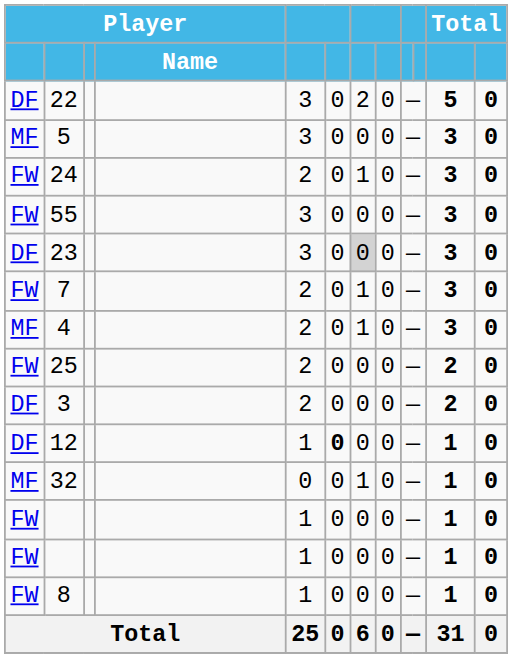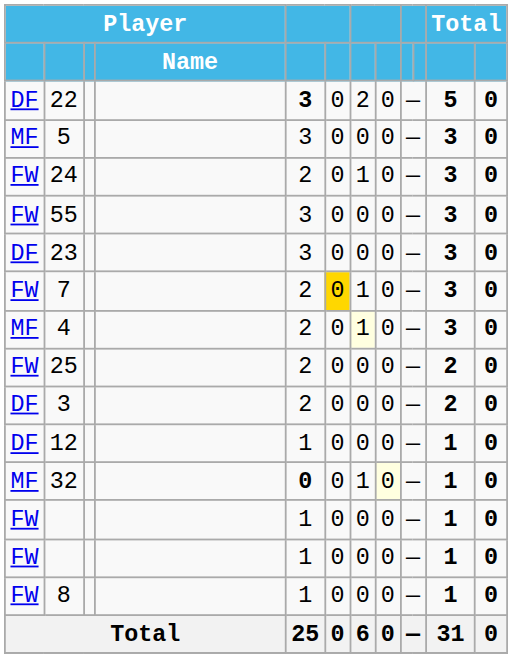 <table class="wikitable sortable" style="text-align:center;">
 <tr>
 <th style="background:#42b7e6; color:#fff;" colspan=4 scope="colgroup">Player</th>
 <th style="background:#42b7e6; color:#fff;" colspan=2 scope="colgroup"></th>
 <th style="background:#42b7e6; color:#fff;" colspan=2 scope="colgroup"></th>
 <th style="background:#42b7e6; color:#fff;" colspan=2 scope="colgroup"></th>
 <th style="background:#42b7e6; color:#fff;" colspan=2 scope="colgroup">Total</th>
 </tr>
 <tr>
 <th style="background:#42b7e6; color:#fff;" scope="col"></th>
 <th style="background:#42b7e6; color:#fff;" scope="col"></th>
 <th style="background:#42b7e6; color:#fff;" scope="col"></th>
 <th style="background:#42b7e6; color:#fff; width:100px;" scope="col">Name</th>
 <th style="background:#42b7e6; color:#fff;" scope="col"></th>
 <th style="background:#42b7e6; color:#fff;"></th>
 <th style="background:#42b7e6; color:#fff;" scope="col"></th>
 <th style="background:#42b7e6; color:#fff;"></th>
 <th style="background:#42b7e6; color:#fff;" scope="col"></th>
 <th style="background:#42b7e6; color:#fff;"></th>
 <th style="background:#42b7e6; color:#fff;" scope="col"></th>
 <th style="background:#42b7e6; color:#fff;"></th>
 </tr>
 <tr>
 <td><a href='#'>DF</a></td>
 <td>22</td>
 <td></td>
 <td></td>
-<td>3</td>
+<td><strong>3</strong></td>
 <td>0</td>
 <td>2</td>
 <td>0</td>
 <td colspan=2>—</td>
 <td><strong>5</strong></td>
 <td><strong>0</strong></td>
 </tr>
 <tr>
 <td><a href='#'>MF</a></td>
 <td>5</td>
 <td></td>
 <td></td>
 <td>3</td>
 <td>0</td>
 <td>0</td>
 <td>0</td>
 <td colspan=2>—</td>
 <td><strong>3</strong></td>
 <td><strong>0</strong></td>
 </tr>
 <tr>
 <td><a href='#'>FW</a></td>
 <td>24</td>
 <td></td>
 <td></td>
 <td>2</td>
 <td>0</td>
 <td>1</td>
 <td>0</td>
 <td colspan=2>—</td>
 <td><strong>3</strong></td>
 <td><strong>0</strong></td>
 </tr>
 <tr>
 <td><a href='#'>FW</a></td>
 <td>55</td>
 <td></td>
 <td></td>
 <td>3</td>
 <td>0</td>
 <td>0</td>
 <td>0</td>
 <td colspan=2>—</td>
 <td><strong>3</strong></td>
 <td><strong>0</strong></td>
 </tr>
 <tr>
 <td><a href='#'>DF</a></td>
 <td>23</td>
 <td></td>
 <td></td>
 <td>3</td>
 <td>0</td>
-<td style="background: lightgrey;">0</td>
+<td>0</td>
 <td>0</td>
 <td colspan=2>—</td>
 <td><strong>3</strong></td>
 <td><strong>0</strong></td>
 </tr>
 <tr>
 <td><a href='#'>FW</a></td>
 <td>7</td>
 <td></td>
 <td></td>
 <td>2</td>
-<td>0</td>
+<td style="background: gold;">0</td>
 <td>1</td>
 <td>0</td>
 <td colspan=2>—</td>
 <td><strong>3</strong></td>
 <td><strong>0</strong></td>
 </tr>
 <tr>
 <td><a href='#'>MF</a></td>
 <td>4</td>
 <td></td>
 <td></td>
 <td>2</td>
 <td>0</td>
-<td>1</td>
+<td style="background: lightyellow;">1</td>
 <td>0</td>
 <td colspan=2>—</td>
 <td><strong>3</strong></td>
 <td><strong>0</strong></td>
 </tr>
 <tr>
 <td><a href='#'>FW</a></td>
 <td>25</td>
 <td></td>
 <td></td>
 <td>2</td>
 <td>0</td>
 <td>0</td>
 <td>0</td>
 <td colspan=2>—</td>
 <td><strong>2</strong></td>
 <td><strong>0</strong></td>
 </tr>
 <tr>
 <td><a href='#'>DF</a></td>
 <td>3</td>
 <td></td>
 <td></td>
 <td>2</td>
 <td>0</td>
 <td>0</td>
 <td>0</td>
 <td colspan=2>—</td>
 <td><strong>2</strong></td>
 <td><strong>0</strong></td>
 </tr>
 <tr>
 <td><a href='#'>DF</a></td>
 <td>12</td>
 <td></td>
 <td></td>
 <td>1</td>
-<td><strong>0</strong></td>
+<td>0</td>
 <td>0</td>
 <td>0</td>
 <td colspan=2>—</td>
 <td><strong>1</strong></td>
 <td><strong>0</strong></td>
 </tr>
 <tr>
 <td><a href='#'>MF</a></td>
 <td>32</td>
 <td></td>
 <td></td>
-<td>0</td>
+<td><strong>0</strong></td>
 <td>0</td>
 <td>1</td>
-<td>0</td>
+<td style="background: lightyellow;">0</td>
 <td colspan=2>—</td>
 <td><strong>1</strong></td>
 <td><strong>0</strong></td>
 </tr>
 <tr>
 <td><a href='#'>FW</a></td>
 <td></td>
 <td></td>
 <td></td>
 <td>1</td>
 <td>0</td>
 <td>0</td>
 <td>0</td>
 <td colspan=2>—</td>
 <td><strong>1</strong></td>
 <td><strong>0</strong></td>
 </tr>
 <tr>
 <td><a href='#'>FW</a></td>
 <td></td>
 <td></td>
 <td></td>
 <td>1</td>
 <td>0</td>
 <td>0</td>
 <td>0</td>
 <td colspan=2>—</td>
 <td><strong>1</strong></td>
 <td><strong>0</strong></td>
 </tr>
 <tr>
 <td><a href='#'>FW</a></td>
 <td>8</td>
 <td></td>
 <td></td>
 <td>1</td>
 <td>0</td>
 <td>0</td>
 <td>0</td>
 <td colspan=2>—</td>
 <td><strong>1</strong></td>
 <td><strong>0</strong></td>
 </tr>
 <tr>
 <th colspan=4 scope="row">Total</th>
 <th>25</th>
 <th>0</th>
 <th>6</th>
 <th>0</th>
 <th colspan=2>—</th>
 <th>31</th>
 <th>0</th>
 </tr>
 <tr>
 </tr>
 </table>
